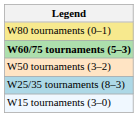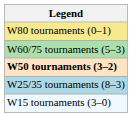 <table class=wikitable style="font-size:85%">
 <tr>
 <th>Legend</th>
 </tr>
 <tr style="background:#f7e98e;">
 <td>W80 tournaments (0–1)</td>
 </tr>
 <tr style="background:#addfad;">
-<td><strong>W60/75 tournaments (5–3)</strong></td>
+<td>W60/75 tournaments (5–3)</td>
 </tr>
 <tr style="background:#ffe4c4;">
-<td>W50 tournaments (3–2)</td>
+<td><strong>W50 tournaments (3–2)</strong></td>
 </tr>
 <tr style="background:lightblue;">
 <td>W25/35 tournaments (8–3)</td>
 </tr>
 <tr style="background:#f0f8ff;">
 <td>W15 tournaments (3–0)</td>
 </tr>
 </table>
